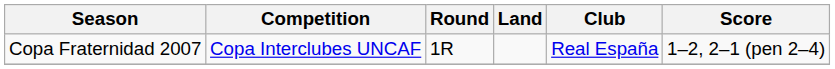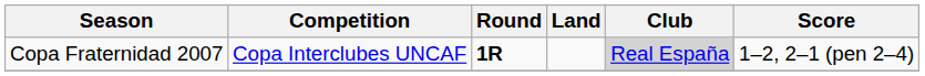 <table class="wikitable">
 <tr>
 <th>Season</th>
 <th>Competition</th>
 <th>Round</th>
 <th>Land</th>
 <th>Club</th>
 <th>Score</th>
 </tr>
 <tr>
 <td>Copa Fraternidad 2007</td>
 <td><a href='#'>Copa Interclubes UNCAF</a></td>
-<td>1R</td>
+<td><strong>1R</strong></td>
 <td></td>
-<td><a href='#'>Real España</a></td>
+<td style="background: lightgrey;"><a href='#'>Real España</a></td>
 <td>1–2, 2–1 (pen 2–4)</td>
 </tr>
 <tr>
 </tr>
 </table>
